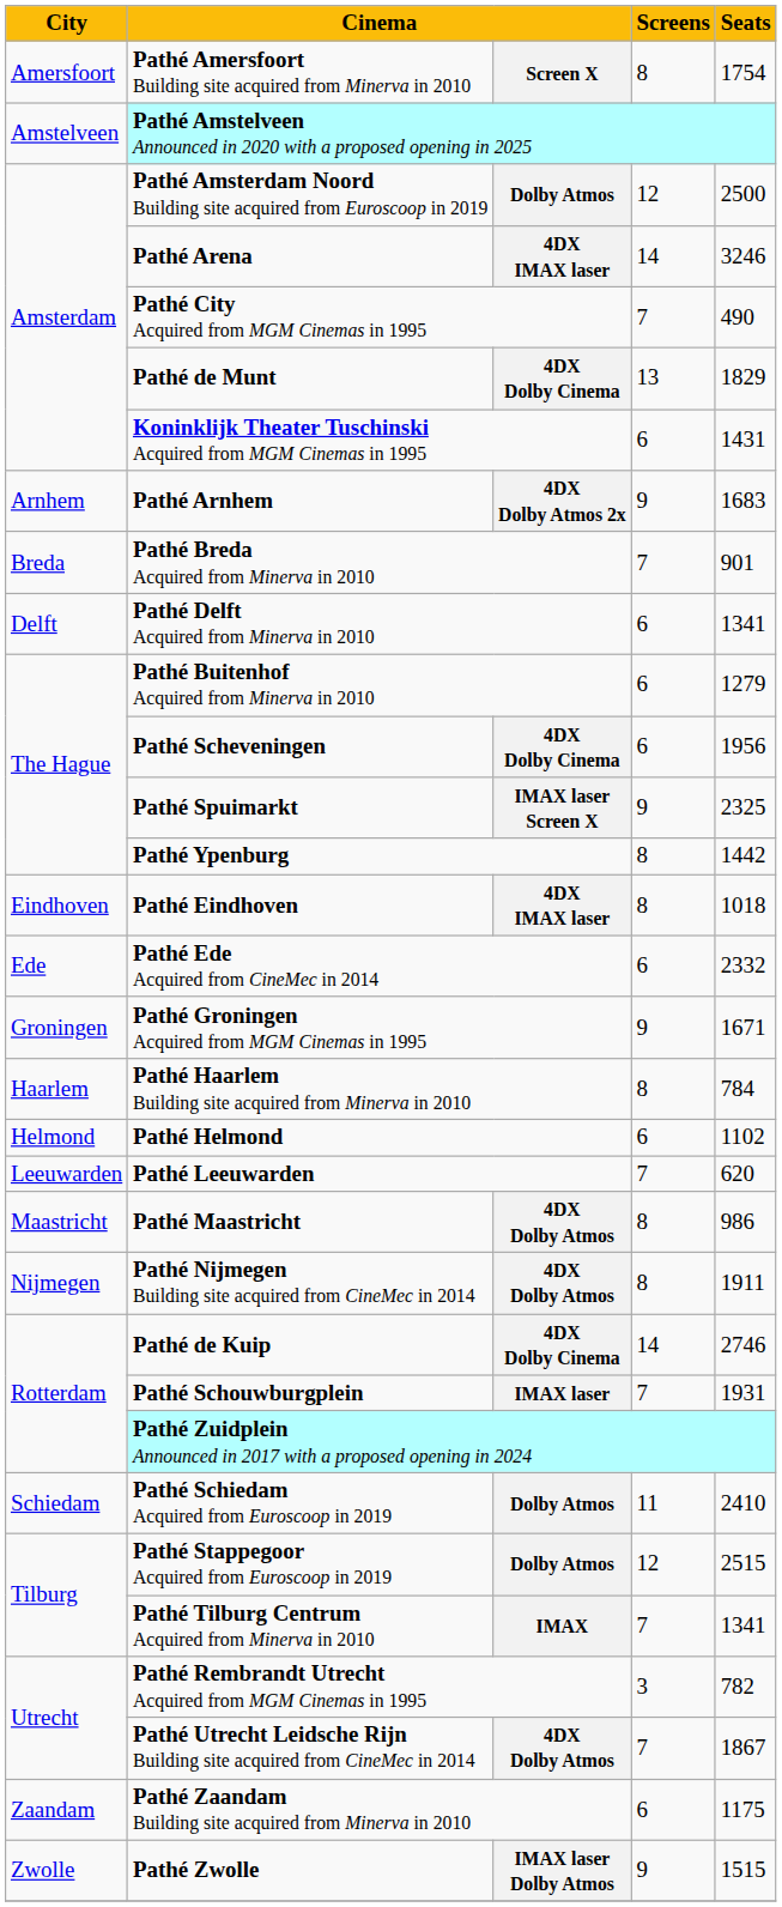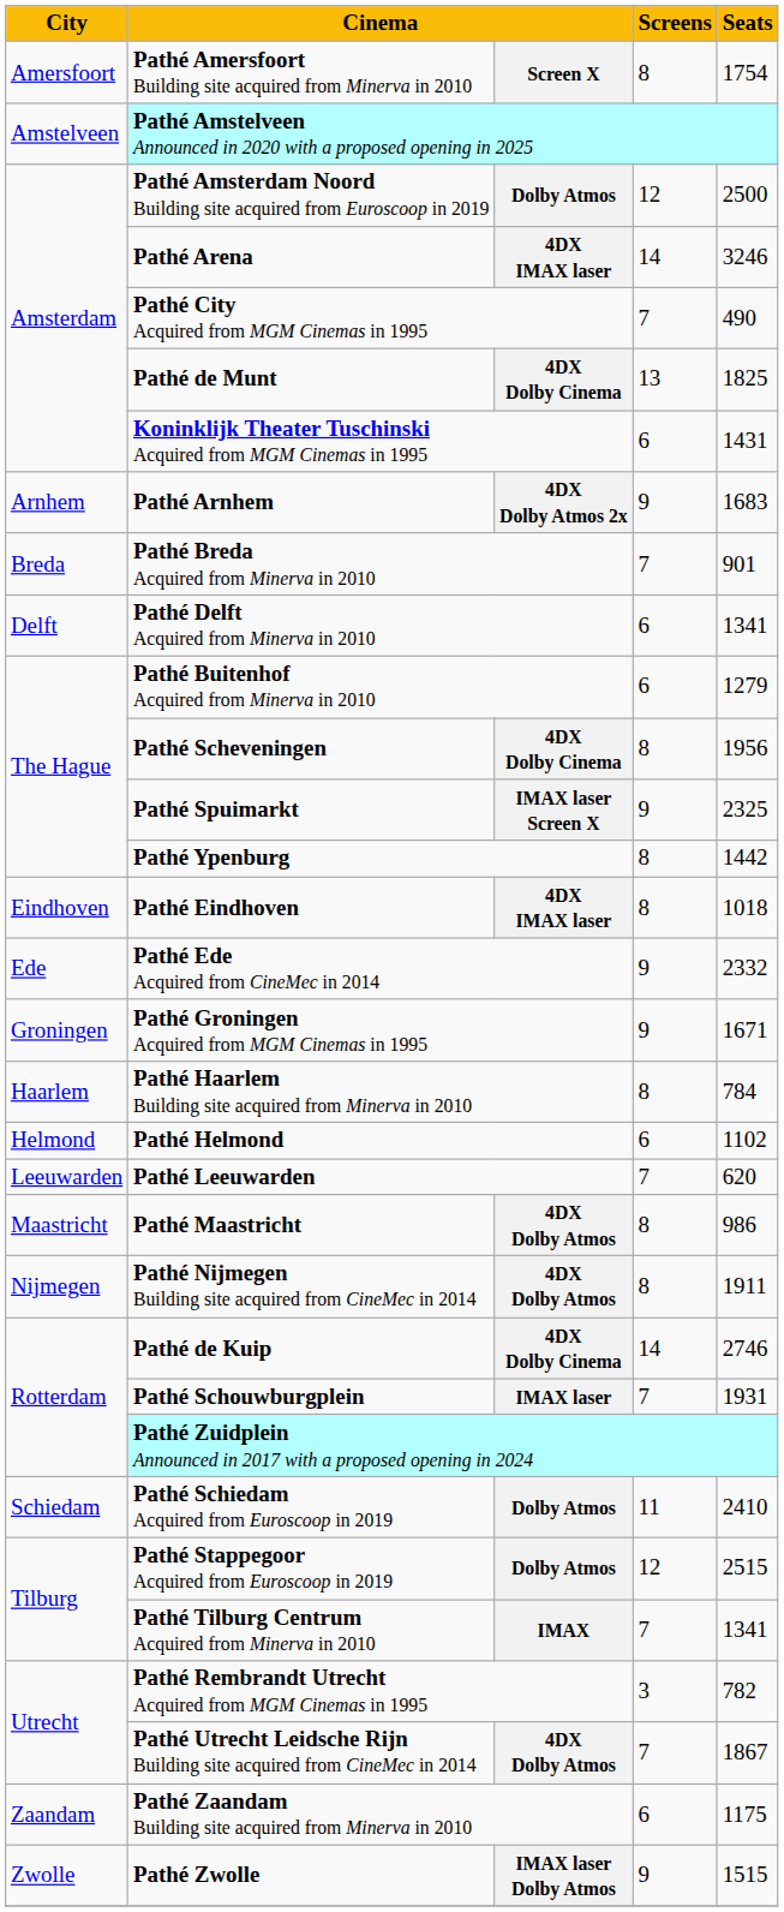 <table class="wikitable sortable mw-collapsible mw-collapsed">
 <tr>
 <th style="background: #FBBC09;">City</th>
 <th colspan="2" style="background: #FBBC09;">Cinema</th>
 <th style="background: #FBBC09;">Screens</th>
 <th style="background: #FBBC09;">Seats</th>
 </tr>
 <tr>
 <td><a href='#'>Amersfoort</a></td>
 <td><strong>Pathé Amersfoort</strong><br><small>Building site acquired from <em>Minerva</em> in 2010</small></td>
 <th><div><small>Screen X</small></div></th>
 <td><div>8</div></td>
 <td><div>1754</div></td>
 </tr>
 <tr>
 <td><a href='#'>Amstelveen</a></td>
 <td colspan="4" style="background: #B3FFFF;"><strong>Pathé Amstelveen</strong><br><small><em>Announced in 2020 with a proposed opening in 2025</em></small></td>
 </tr>
 <tr>
 <td rowspan="5"><a href='#'>Amsterdam</a></td>
 <td><strong>Pathé Amsterdam Noord</strong><br><small>Building site acquired from <em>Euroscoop</em> in 2019</small></td>
 <th><div><small>Dolby Atmos</small></div></th>
 <td><div>12</div></td>
 <td><div>2500</div></td>
 </tr>
 <tr>
 <td><strong>Pathé Arena</strong></td>
 <th><div><small>4DX</small><br><small>IMAX laser</small> </div></th>
 <td><div>14</div></td>
 <td><div>3246</div></td>
 </tr>
 <tr>
 <td colspan="2"><strong>Pathé City</strong><br><small>Acquired from <em>MGM Cinemas</em> in 1995</small></td>
 <td><div>7</div></td>
 <td><div>490</div></td>
 </tr>
 <tr>
 <td><div><strong>Pathé de Munt</strong></div></td>
 <th><div><small>4DX</small><br><small>Dolby Cinema</small> </div></th>
 <td><div>13</div></td>
-<td><div>1829</div></td>
+<td><div>1825</div></td>
 </tr>
 <tr>
 <td colspan="2"><strong><a href='#'>Koninklijk Theater Tuschinski</a></strong><br><small>Acquired from <em>MGM Cinemas</em> in 1995</small></td>
 <td><div>6</div></td>
 <td><div>1431</div></td>
 </tr>
 <tr>
 <td><a href='#'>Arnhem</a></td>
 <td><strong>Pathé Arnhem</strong></td>
 <th><small>4DX</small><br><small>Dolby Atmos 2x</small></th>
 <td><div>9</div></td>
 <td><div>1683</div></td>
 </tr>
 <tr>
 <td><a href='#'>Breda</a></td>
 <td colspan="2"><strong>Pathé Breda</strong><br><small>Acquired from <em>Minerva</em> in 2010</small></td>
 <td><div>7</div></td>
 <td><div>901</div></td>
 </tr>
 <tr>
 <td><a href='#'>Delft</a></td>
 <td colspan="2"><strong>Pathé Delft</strong><br><small>Acquired from <em>Minerva</em> in 2010</small></td>
 <td><div>6</div></td>
 <td><div>1341</div></td>
 </tr>
 <tr>
 <td rowspan="4"><a href='#'>The Hague</a></td>
 <td colspan="2"><strong>Pathé Buitenhof</strong><br><small>Acquired from <em>Minerva</em> in 2010</small></td>
 <td><div>6</div></td>
 <td><div>1279</div></td>
 </tr>
 <tr>
 <td><strong>Pathé Scheveningen</strong></td>
 <th><div><small>4DX</small><br><small>Dolby Cinema</small> </div></th>
-<td><div>6</div></td>
+<td><div>8</div></td>
 <td><div>1956</div></td>
 </tr>
 <tr>
 <td><strong>Pathé Spuimarkt</strong></td>
 <th><div><small>IMAX laser</small><br><small>Screen X</small> </div></th>
 <td><div>9</div></td>
 <td><div>2325</div></td>
 </tr>
 <tr>
 <td colspan="2"><strong>Pathé Ypenburg</strong></td>
 <td><div>8</div></td>
 <td><div>1442</div></td>
 </tr>
 <tr>
 <td><a href='#'>Eindhoven</a></td>
 <td><strong>Pathé Eindhoven</strong></td>
 <th><div><small>4DX</small><br><small>IMAX laser</small> </div></th>
 <td><div>8</div></td>
 <td><div>1018</div></td>
 </tr>
 <tr>
 <td><a href='#'>Ede</a></td>
 <td colspan="2"><strong>Pathé Ede</strong><br><small>Acquired from <em>CineMec</em> in 2014</small></td>
-<td><div>6</div></td>
+<td><div>9</div></td>
 <td><div>2332</div></td>
 </tr>
 <tr>
 <td><a href='#'>Groningen</a></td>
 <td colspan="2"><strong>Pathé Groningen</strong><br><small>Acquired from <em>MGM Cinemas</em> in 1995</small></td>
 <td><div>9</div></td>
 <td><div>1671</div></td>
 </tr>
 <tr>
 <td><a href='#'>Haarlem</a></td>
 <td colspan="2"><strong>Pathé Haarlem</strong><br><small>Building site acquired from <em>Minerva</em> in 2010</small></td>
 <td><div>8</div></td>
 <td><div>784</div></td>
 </tr>
 <tr>
 <td><a href='#'>Helmond</a></td>
 <td colspan="2"><strong>Pathé Helmond</strong></td>
 <td><div>6</div></td>
 <td><div>1102</div></td>
 </tr>
 <tr>
 <td><a href='#'>Leeuwarden</a></td>
 <td colspan="2"><strong>Pathé Leeuwarden</strong></td>
 <td><div>7</div></td>
 <td><div>620</div></td>
 </tr>
 <tr>
 <td><a href='#'>Maastricht</a></td>
 <td><strong>Pathé Maastricht</strong></td>
 <th><div><small>4DX</small><br><small>Dolby Atmos</small> </div></th>
 <td><div>8</div></td>
 <td><div>986</div></td>
 </tr>
 <tr>
 <td><a href='#'>Nijmegen</a></td>
 <td><strong>Pathé Nijmegen</strong><br><small>Building site acquired from <em>CineMec</em> in 2014</small></td>
 <th><div><small>4DX</small><br><small>Dolby Atmos</small> </div></th>
 <td><div>8</div></td>
 <td><div>1911</div></td>
 </tr>
 <tr>
 <td rowspan="3"><a href='#'>Rotterdam</a></td>
 <td><strong>Pathé de Kuip</strong></td>
 <th><div><small>4DX</small><br><small>Dolby Cinema</small> </div></th>
 <td><div>14</div></td>
 <td><div>2746</div></td>
 </tr>
 <tr>
 <td><strong>Pathé Schouwburgplein</strong></td>
 <th><div><small>IMAX laser</small></div></th>
 <td><div>7</div></td>
 <td><div>1931</div></td>
 </tr>
 <tr>
 <td colspan="4" style="background: #B3FFFF;"><strong>Pathé Zuidplein</strong><br><small><em>Announced in 2017 with a proposed opening in 2024</em></small></td>
 </tr>
 <tr>
 <td><a href='#'>Schiedam</a></td>
 <td><strong>Pathé Schiedam</strong><br><small>Acquired from <em>Euroscoop</em> in 2019</small></td>
 <th><small>Dolby Atmos</small></th>
 <td><div>11</div></td>
 <td><div>2410</div></td>
 </tr>
 <tr>
 <td rowspan="2"><a href='#'>Tilburg</a></td>
 <td><strong>Pathé Stappegoor</strong><br><small>Acquired from <em>Euroscoop</em> in 2019</small></td>
 <th><small>Dolby Atmos</small></th>
 <td><div>12</div></td>
 <td><div>2515</div></td>
 </tr>
 <tr>
 <td><strong>Pathé Tilburg Centrum</strong><br><small>Acquired from <em>Minerva</em> in 2010</small></td>
 <th><small>IMAX</small></th>
 <td><div>7</div></td>
 <td><div>1341</div></td>
 </tr>
 <tr>
 <td rowspan="2"><a href='#'>Utrecht</a></td>
 <td colspan="2"><strong>Pathé Rembrandt Utrecht</strong><br><small>Acquired from <em>MGM Cinemas</em> in 1995</small></td>
 <td><div>3</div></td>
 <td><div>782</div></td>
 </tr>
 <tr>
 <td><strong>Pathé Utrecht Leidsche Rijn</strong><br><small>Building site acquired from <em>CineMec</em> in 2014</small></td>
 <th><small>4DX</small><br><small>Dolby Atmos</small></th>
 <td><div>7</div></td>
 <td><div>1867</div></td>
 </tr>
 <tr>
 <td><a href='#'>Zaandam</a></td>
 <td colspan="2"><strong>Pathé Zaandam</strong><br><small>Building site acquired from <em>Minerva</em> in 2010</small></td>
 <td><div>6</div></td>
 <td><div>1175</div></td>
 </tr>
 <tr>
 <td><a href='#'>Zwolle</a></td>
 <td><strong>Pathé Zwolle</strong></td>
 <th><div><small>IMAX laser</small><br><small>Dolby Atmos</small> </div></th>
 <td><div>9</div></td>
 <td><div>1515</div></td>
 </tr>
 <tr>
 </tr>
 </table>
